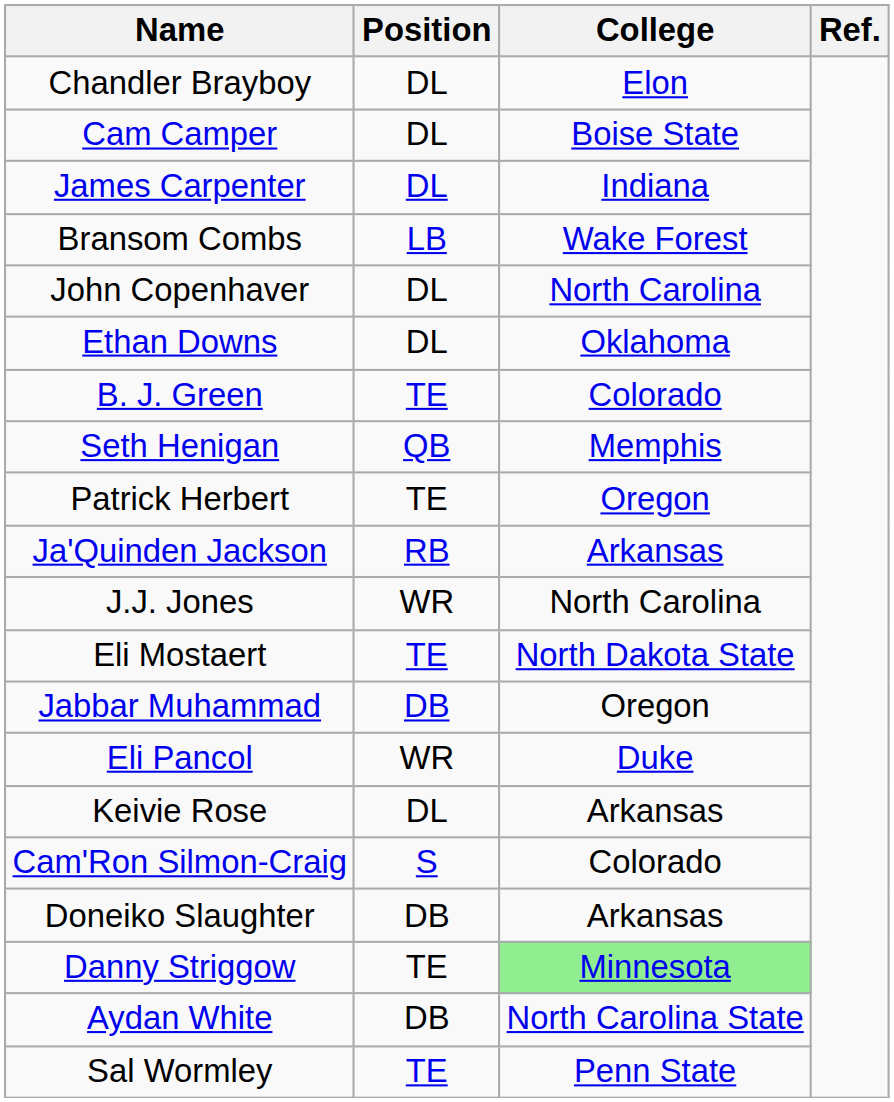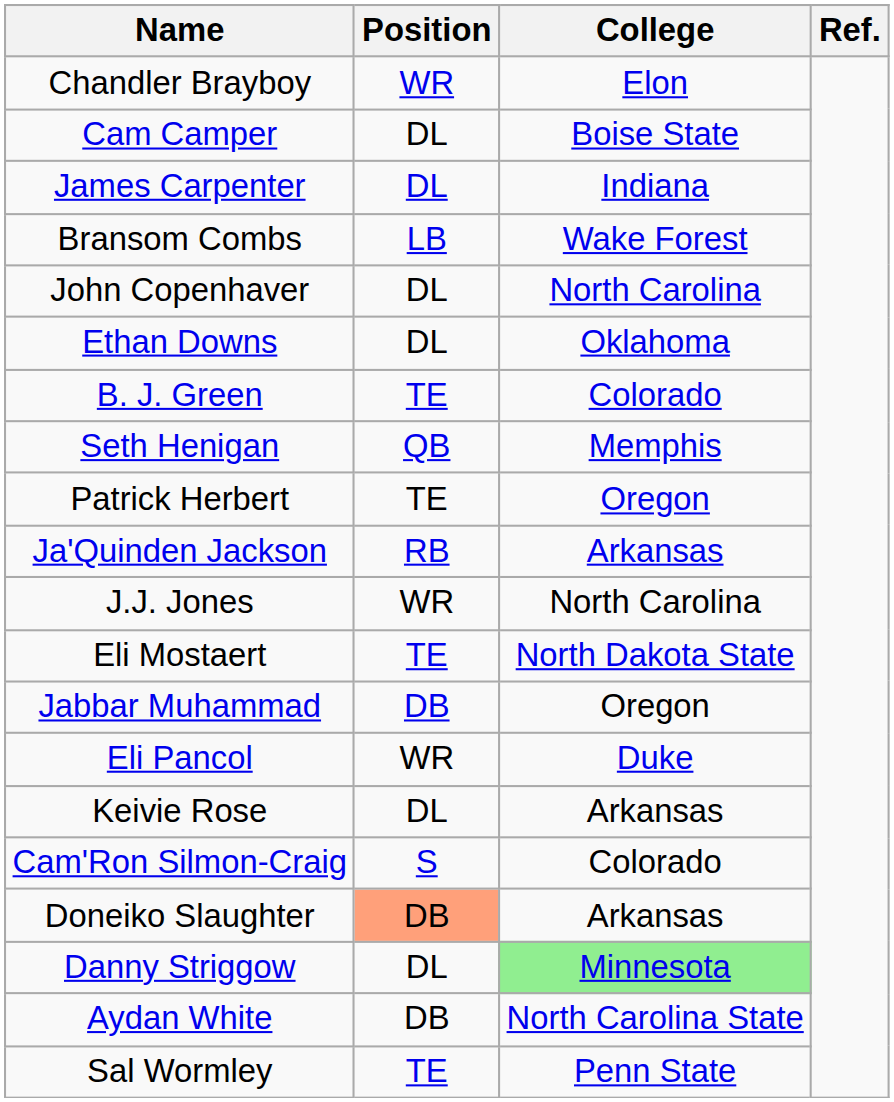 <table class="wikitable" style="text-align:center">
 <tr>
 <th>Name</th>
 <th>Position</th>
 <th>College</th>
 <th>Ref.</th>
 </tr>
 <tr>
 <td>Chandler Brayboy</td>
-<td>DL</td>
+<td><a href='#'>WR</a></td>
 <td><a href='#'>Elon</a></td>
 <td rowspan="20"></td>
 </tr>
 <tr>
 <td><a href='#'>Cam Camper</a></td>
 <td>DL</td>
 <td><a href='#'>Boise State</a></td>
 </tr>
 <tr>
 <td><a href='#'>James Carpenter</a></td>
 <td><a href='#'>DL</a></td>
 <td><a href='#'>Indiana</a></td>
 </tr>
 <tr>
 <td>Bransom Combs</td>
 <td><a href='#'>LB</a></td>
 <td><a href='#'>Wake Forest</a></td>
 </tr>
 <tr>
 <td>John Copenhaver</td>
 <td>DL</td>
 <td><a href='#'>North Carolina</a></td>
 </tr>
 <tr>
 <td><a href='#'>Ethan Downs</a></td>
 <td>DL</td>
 <td><a href='#'>Oklahoma</a></td>
 </tr>
 <tr>
 <td><a href='#'>B. J. Green</a></td>
 <td><a href='#'>TE</a></td>
 <td><a href='#'>Colorado</a></td>
 </tr>
 <tr>
 <td><a href='#'>Seth Henigan</a></td>
 <td><a href='#'>QB</a></td>
 <td><a href='#'>Memphis</a></td>
 </tr>
 <tr>
 <td>Patrick Herbert</td>
 <td>TE</td>
 <td><a href='#'>Oregon</a></td>
 </tr>
 <tr>
 <td><a href='#'>Ja'Quinden Jackson</a></td>
 <td><a href='#'>RB</a></td>
 <td><a href='#'>Arkansas</a></td>
 </tr>
 <tr>
 <td>J.J. Jones</td>
 <td>WR</td>
 <td>North Carolina</td>
 </tr>
 <tr>
 <td>Eli Mostaert</td>
 <td><a href='#'>TE</a></td>
 <td><a href='#'>North Dakota State</a></td>
 </tr>
 <tr>
 <td><a href='#'>Jabbar Muhammad</a></td>
 <td><a href='#'>DB</a></td>
 <td>Oregon</td>
 </tr>
 <tr>
 <td><a href='#'>Eli Pancol</a></td>
 <td>WR</td>
 <td><a href='#'>Duke</a></td>
 </tr>
 <tr>
 <td>Keivie Rose</td>
 <td>DL</td>
 <td>Arkansas</td>
 </tr>
 <tr>
 <td><a href='#'>Cam'Ron Silmon-Craig</a></td>
 <td><a href='#'>S</a></td>
 <td>Colorado</td>
 </tr>
 <tr>
 <td>Doneiko Slaughter</td>
-<td>DB</td>
+<td style="background: lightsalmon;">DB</td>
 <td>Arkansas</td>
 </tr>
 <tr>
 <td><a href='#'>Danny Striggow</a></td>
-<td>TE</td>
+<td>DL</td>
 <td style="background: lightgreen;"><a href='#'>Minnesota</a></td>
 </tr>
 <tr>
 <td><a href='#'>Aydan White</a></td>
 <td>DB</td>
 <td><a href='#'>North Carolina State</a></td>
 </tr>
 <tr>
 <td>Sal Wormley</td>
 <td><a href='#'>TE</a></td>
 <td><a href='#'>Penn State</a></td>
 </tr>
 </table>
